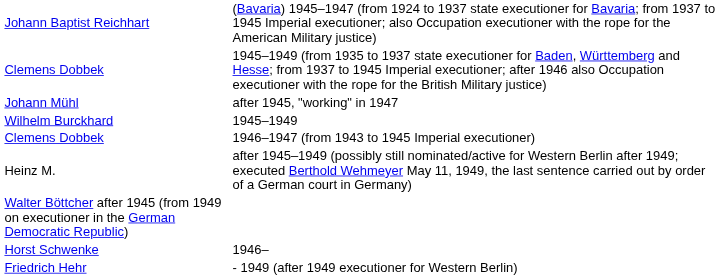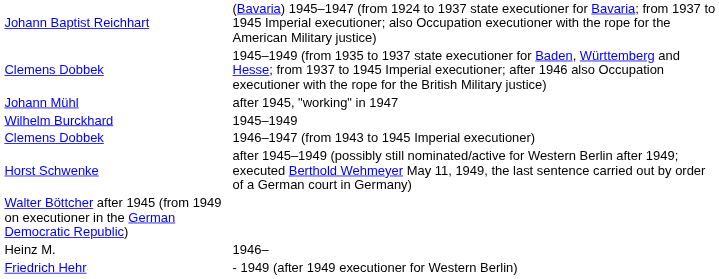 <table>
 <tr>
 <td><a href='#'>Johann Baptist Reichhart</a></td>
 <td>(<a href='#'>Bavaria</a>) 1945–1947 (from 1924 to 1937 state executioner for <a href='#'>Bavaria</a>; from 1937 to 1945 Imperial executioner; also Occupation executioner with the rope for the American Military justice)</td>
 </tr>
 <tr>
 <td><a href='#'>Clemens Dobbek</a></td>
 <td>1945–1949 (from 1935 to 1937 state executioner for <a href='#'>Baden</a>, <a href='#'>Württemberg</a> and <a href='#'>Hesse</a>; from 1937 to 1945 Imperial executioner; after 1946 also Occupation executioner with the rope for the British Military justice)</td>
 </tr>
 <tr>
 <td><a href='#'>Johann Mühl</a></td>
 <td>after 1945, "working" in 1947</td>
 </tr>
 <tr>
 <td><a href='#'>Wilhelm Burckhard</a></td>
 <td>1945–1949</td>
 </tr>
 <tr>
 <td><a href='#'>Clemens Dobbek</a></td>
 <td>1946–1947 (from 1943 to 1945 Imperial executioner)</td>
 </tr>
 <tr>
-<td>Heinz M.</td>
+<td><a href='#'>Horst Schwenke</a></td>
 <td>after 1945–1949 (possibly still nominated/active for Western Berlin after 1949; executed <a href='#'>Berthold Wehmeyer</a> May 11, 1949, the last sentence carried out by order of a German court in Germany)</td>
 </tr>
 <tr>
 <td><a href='#'>Walter Böttcher</a> after 1945 (from 1949 on executioner in the <a href='#'>German Democratic Republic</a>)</td>
 </tr>
 <tr>
-<td><a href='#'>Horst Schwenke</a></td>
+<td>Heinz M.</td>
 <td>1946–</td>
 </tr>
 <tr>
 <td><a href='#'>Friedrich Hehr</a></td>
 <td>- 1949 (after 1949 executioner for Western Berlin)</td>
 </tr>
 <tr>
 </tr>
 </table>
